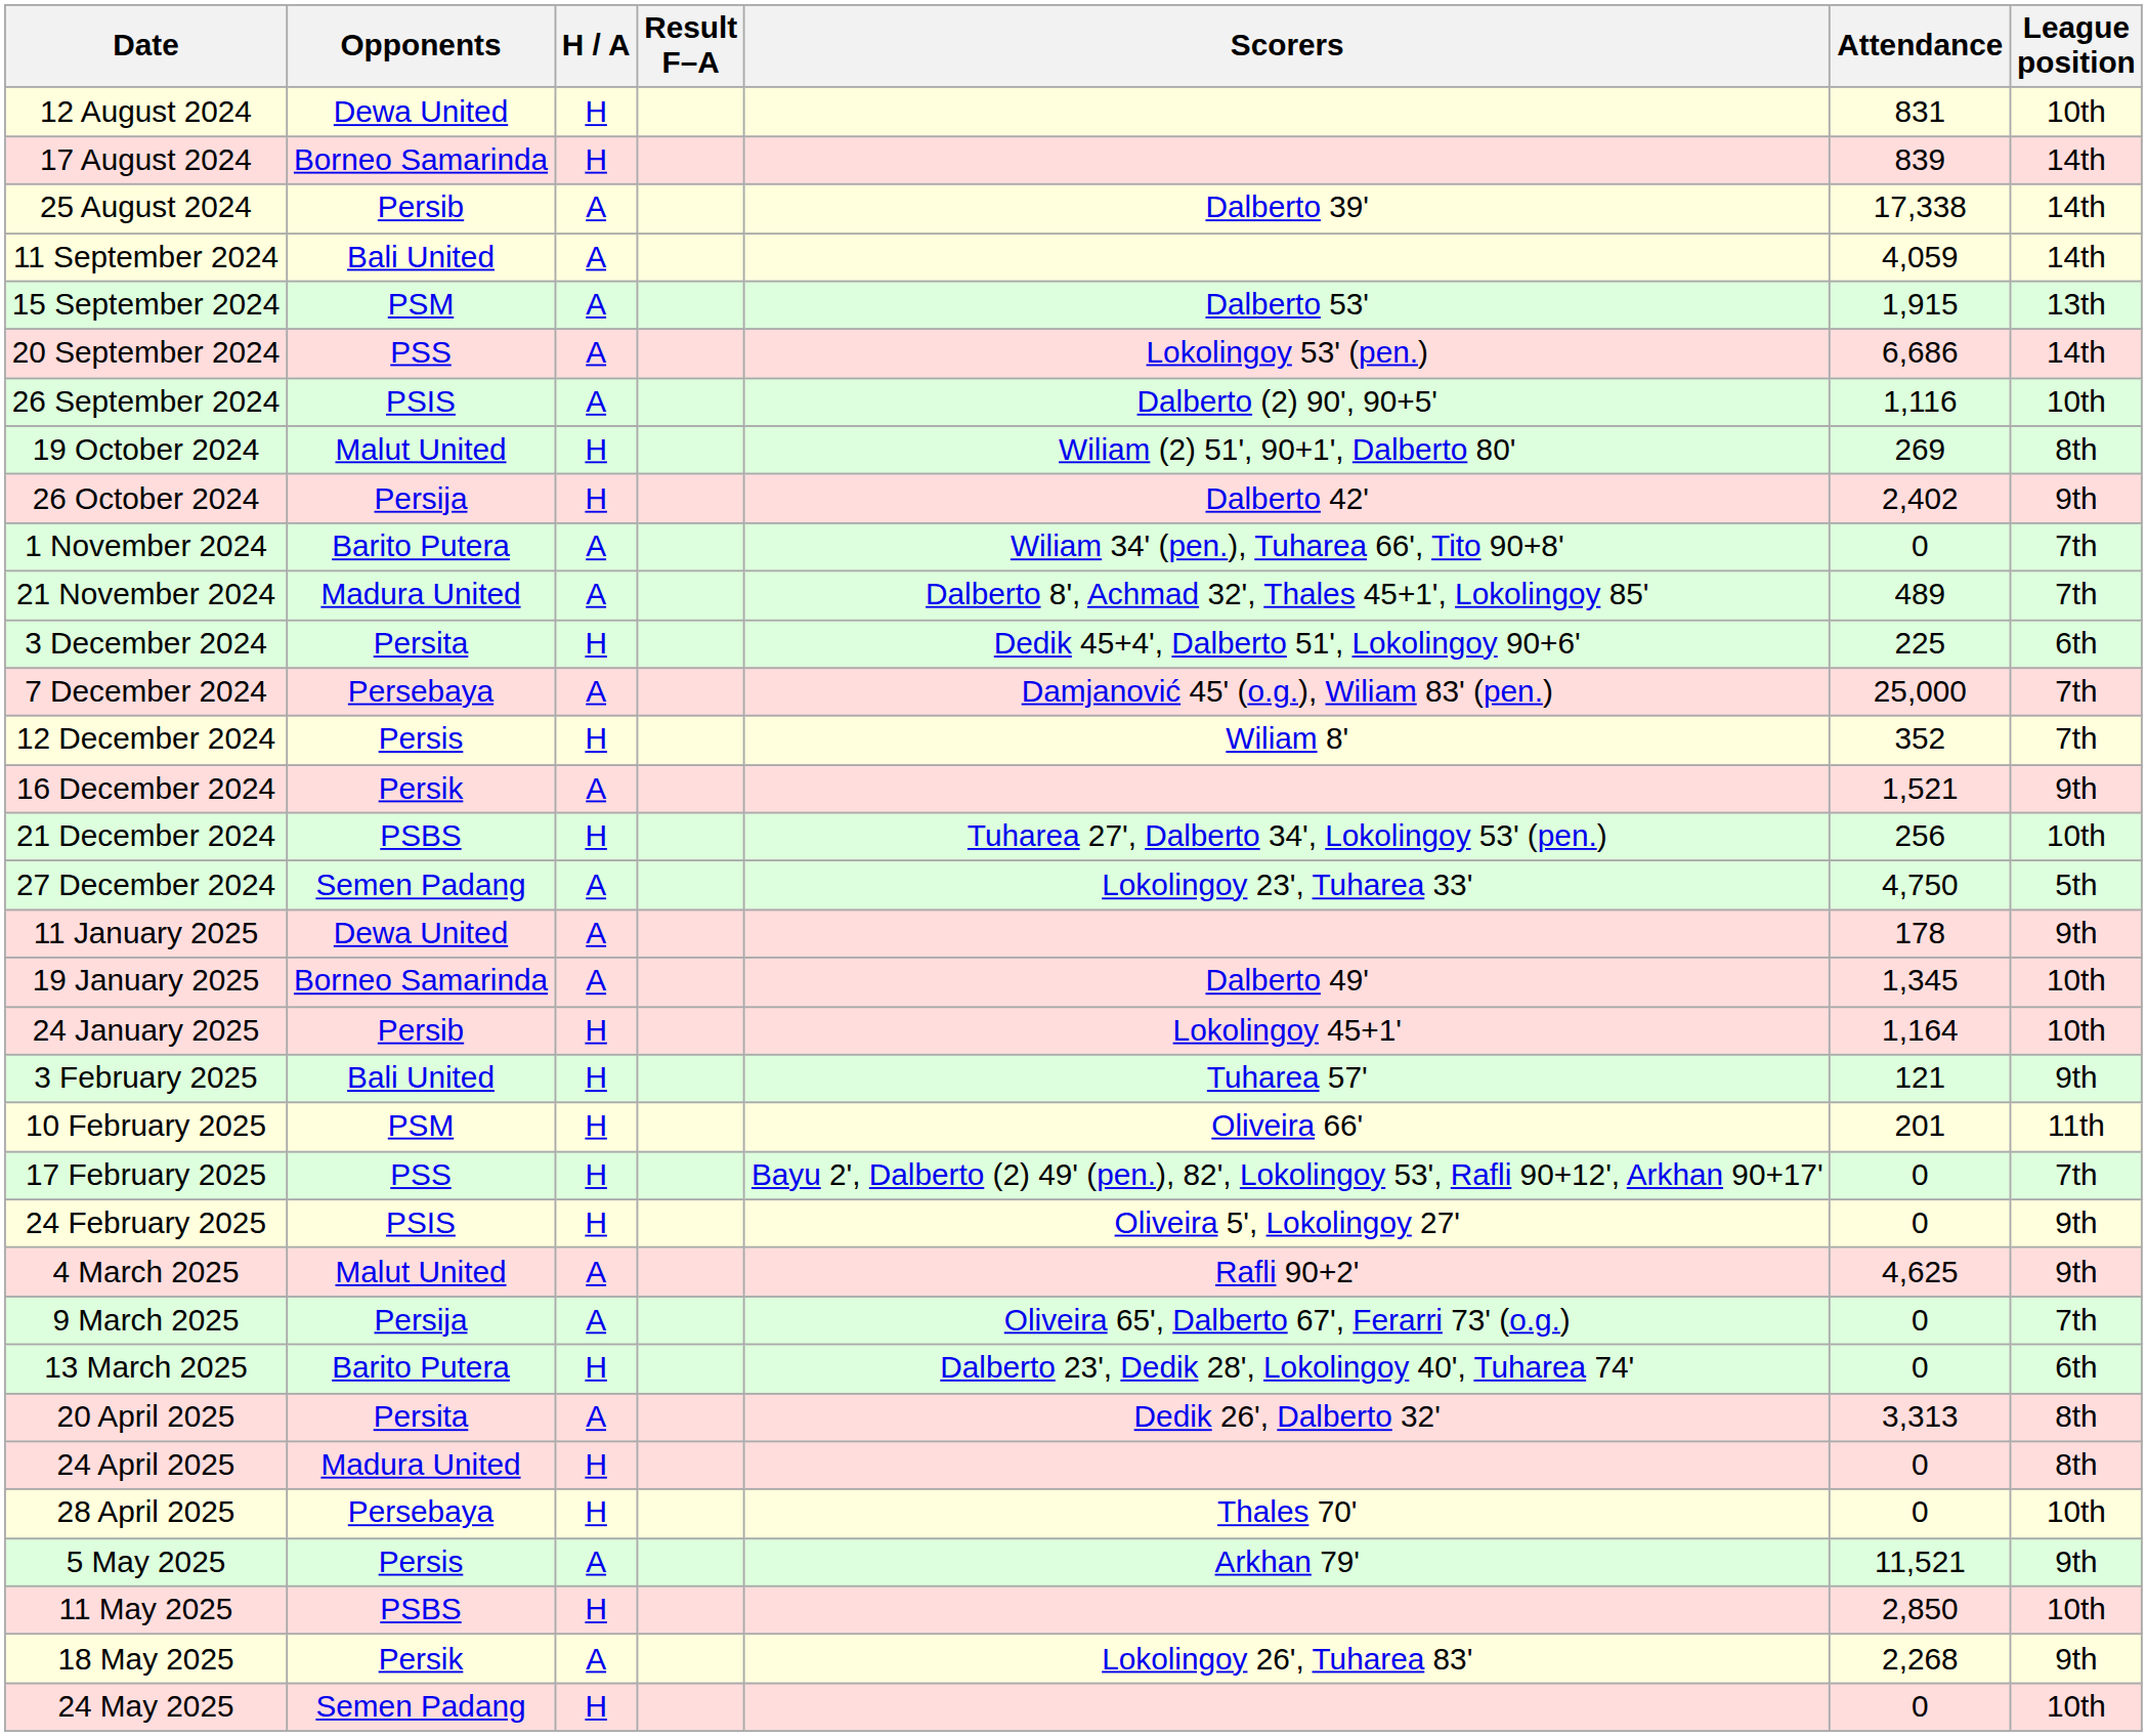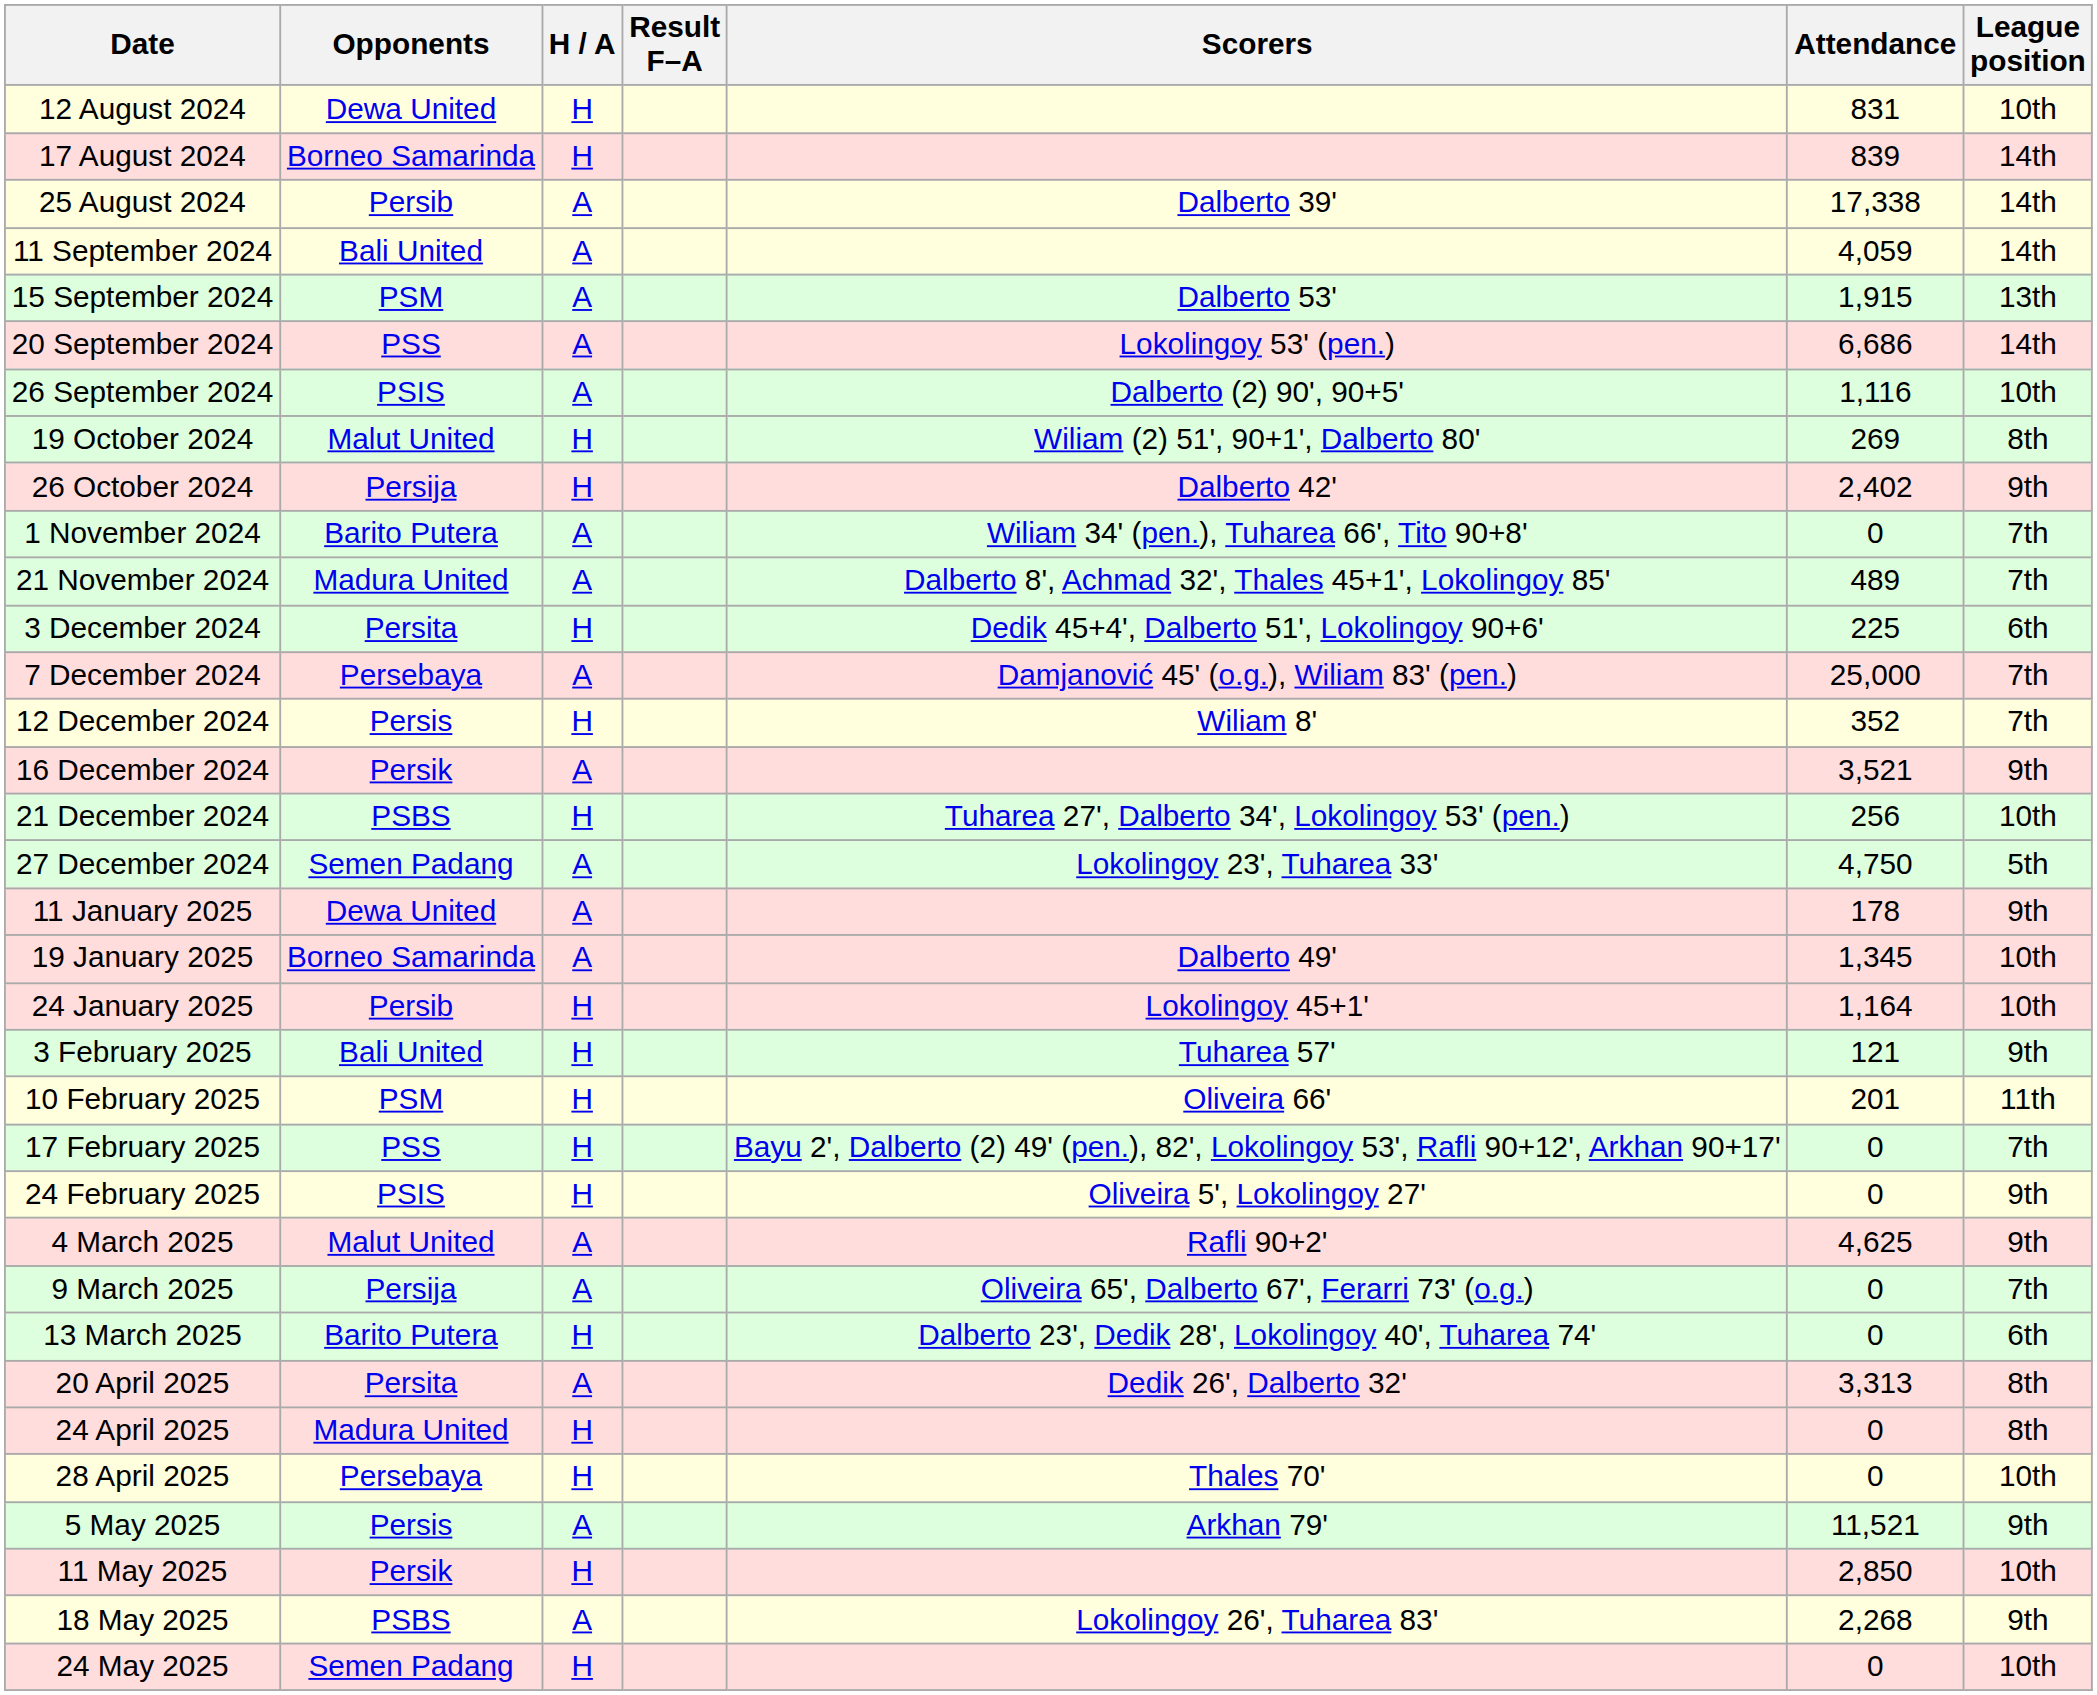 <table class="wikitable" style="text-align:center">
 <tr>
 <th>Date</th>
 <th>Opponents</th>
 <th>H / A</th>
 <th>Result<br>F–A</th>
 <th>Scorers</th>
 <th>Attendance</th>
 <th>League<br>position</th>
 </tr>
 <tr style="background:#ffffdd">
 <td>12 August 2024</td>
 <td><a href='#'>Dewa United</a></td>
 <td><a href='#'>H</a></td>
 <td></td>
 <td></td>
 <td>831</td>
 <td>10th</td>
 </tr>
 <tr style="background:#ffdddd">
 <td>17 August 2024</td>
 <td><a href='#'>Borneo Samarinda</a></td>
 <td><a href='#'>H</a></td>
 <td></td>
 <td></td>
 <td>839</td>
 <td>14th</td>
 </tr>
 <tr style="background:#ffffdd">
 <td>25 August 2024</td>
 <td><a href='#'>Persib</a></td>
 <td><a href='#'>A</a></td>
 <td></td>
 <td><a href='#'>Dalberto</a> 39'</td>
 <td>17,338</td>
 <td>14th</td>
 </tr>
 <tr style="background:#ffffdd">
 <td>11 September 2024</td>
 <td><a href='#'>Bali United</a></td>
 <td><a href='#'>A</a></td>
 <td></td>
 <td></td>
 <td>4,059</td>
 <td>14th</td>
 </tr>
 <tr style="background:#ddffdd">
 <td>15 September 2024</td>
 <td><a href='#'>PSM</a></td>
 <td><a href='#'>A</a></td>
 <td></td>
 <td><a href='#'>Dalberto</a> 53'</td>
 <td>1,915</td>
 <td>13th</td>
 </tr>
 <tr style="background:#ffdddd">
 <td>20 September 2024</td>
 <td><a href='#'>PSS</a></td>
 <td><a href='#'>A</a></td>
 <td></td>
 <td><a href='#'>Lokolingoy</a> 53' (<a href='#'>pen.</a>)</td>
 <td>6,686</td>
 <td>14th</td>
 </tr>
 <tr style="background:#ddffdd">
 <td>26 September 2024</td>
 <td><a href='#'>PSIS</a></td>
 <td><a href='#'>A</a></td>
 <td></td>
 <td><a href='#'>Dalberto</a> (2) 90', 90+5'</td>
 <td>1,116</td>
 <td>10th</td>
 </tr>
 <tr style="background:#ddffdd">
 <td>19 October 2024</td>
 <td><a href='#'>Malut United</a></td>
 <td><a href='#'>H</a></td>
 <td></td>
 <td><a href='#'>Wiliam</a> (2) 51', 90+1', <a href='#'>Dalberto</a> 80'</td>
 <td>269</td>
 <td>8th</td>
 </tr>
 <tr style="background:#ffdddd">
 <td>26 October 2024</td>
 <td><a href='#'>Persija</a></td>
 <td><a href='#'>H</a></td>
 <td></td>
 <td><a href='#'>Dalberto</a> 42'</td>
 <td>2,402</td>
 <td>9th</td>
 </tr>
 <tr style="background:#ddffdd">
 <td>1 November 2024</td>
 <td><a href='#'>Barito Putera</a></td>
 <td><a href='#'>A</a></td>
 <td></td>
 <td><a href='#'>Wiliam</a> 34' (<a href='#'>pen.</a>), <a href='#'>Tuharea</a> 66', <a href='#'>Tito</a> 90+8'</td>
 <td>0</td>
 <td>7th</td>
 </tr>
 <tr style="background:#ddffdd">
 <td>21 November 2024</td>
 <td><a href='#'>Madura United</a></td>
 <td><a href='#'>A</a></td>
 <td></td>
 <td><a href='#'>Dalberto</a> 8', <a href='#'>Achmad</a> 32', <a href='#'>Thales</a> 45+1', <a href='#'>Lokolingoy</a> 85'</td>
 <td>489</td>
 <td>7th</td>
 </tr>
 <tr style="background:#ddffdd">
 <td>3 December 2024</td>
 <td><a href='#'>Persita</a></td>
 <td><a href='#'>H</a></td>
 <td></td>
 <td><a href='#'>Dedik</a> 45+4', <a href='#'>Dalberto</a> 51', <a href='#'>Lokolingoy</a> 90+6'</td>
 <td>225</td>
 <td>6th</td>
 </tr>
 <tr style="background:#ffdddd">
 <td>7 December 2024</td>
 <td><a href='#'>Persebaya</a></td>
 <td><a href='#'>A</a></td>
 <td></td>
 <td><a href='#'>Damjanović</a> 45' (<a href='#'>o.g.</a>), <a href='#'>Wiliam</a> 83' (<a href='#'>pen.</a>)</td>
 <td>25,000</td>
 <td>7th</td>
 </tr>
 <tr style="background:#ffffdd">
 <td>12 December 2024</td>
 <td><a href='#'>Persis</a></td>
 <td><a href='#'>H</a></td>
 <td></td>
 <td><a href='#'>Wiliam</a> 8'</td>
 <td>352</td>
 <td>7th</td>
 </tr>
 <tr style="background:#ffdddd">
 <td>16 December 2024</td>
 <td><a href='#'>Persik</a></td>
 <td><a href='#'>A</a></td>
 <td></td>
 <td></td>
-<td>1,521</td>
+<td>3,521</td>
 <td>9th</td>
 </tr>
 <tr style="background:#ddffdd">
 <td>21 December 2024</td>
 <td><a href='#'>PSBS</a></td>
 <td><a href='#'>H</a></td>
 <td></td>
 <td><a href='#'>Tuharea</a> 27', <a href='#'>Dalberto</a> 34', <a href='#'>Lokolingoy</a> 53' (<a href='#'>pen.</a>)</td>
 <td>256</td>
 <td>10th</td>
 </tr>
 <tr style="background:#ddffdd">
 <td>27 December 2024</td>
 <td><a href='#'>Semen Padang</a></td>
 <td><a href='#'>A</a></td>
 <td></td>
 <td><a href='#'>Lokolingoy</a> 23', <a href='#'>Tuharea</a> 33'</td>
 <td>4,750</td>
 <td>5th</td>
 </tr>
 <tr style="background:#ffdddd">
 <td>11 January 2025</td>
 <td><a href='#'>Dewa United</a></td>
 <td><a href='#'>A</a></td>
 <td></td>
 <td></td>
 <td>178</td>
 <td>9th</td>
 </tr>
 <tr style="background:#ffdddd">
 <td>19 January 2025</td>
 <td><a href='#'>Borneo Samarinda</a></td>
 <td><a href='#'>A</a></td>
 <td></td>
 <td><a href='#'>Dalberto</a> 49'</td>
 <td>1,345</td>
 <td>10th</td>
 </tr>
 <tr style="background:#ffdddd">
 <td>24 January 2025</td>
 <td><a href='#'>Persib</a></td>
 <td><a href='#'>H</a></td>
 <td></td>
 <td><a href='#'>Lokolingoy</a> 45+1'</td>
 <td>1,164</td>
 <td>10th</td>
 </tr>
 <tr style="background:#ddffdd">
 <td>3 February 2025</td>
 <td><a href='#'>Bali United</a></td>
 <td><a href='#'>H</a></td>
 <td></td>
 <td><a href='#'>Tuharea</a> 57'</td>
 <td>121</td>
 <td>9th</td>
 </tr>
 <tr style="background:#ffffdd">
 <td>10 February 2025</td>
 <td><a href='#'>PSM</a></td>
 <td><a href='#'>H</a></td>
 <td></td>
 <td><a href='#'>Oliveira</a> 66'</td>
 <td>201</td>
 <td>11th</td>
 </tr>
 <tr style="background:#ddffdd">
 <td>17 February 2025</td>
 <td><a href='#'>PSS</a></td>
 <td><a href='#'>H</a></td>
 <td></td>
 <td><a href='#'>Bayu</a> 2', <a href='#'>Dalberto</a> (2) 49' (<a href='#'>pen.</a>), 82', <a href='#'>Lokolingoy</a> 53', <a href='#'>Rafli</a> 90+12', <a href='#'>Arkhan</a> 90+17'</td>
 <td>0</td>
 <td>7th</td>
 </tr>
 <tr style="background:#ffffdd">
 <td>24 February 2025</td>
 <td><a href='#'>PSIS</a></td>
 <td><a href='#'>H</a></td>
 <td></td>
 <td><a href='#'>Oliveira</a> 5', <a href='#'>Lokolingoy</a> 27'</td>
 <td>0</td>
 <td>9th</td>
 </tr>
 <tr style="background:#ffdddd">
 <td>4 March 2025</td>
 <td><a href='#'>Malut United</a></td>
 <td><a href='#'>A</a></td>
 <td></td>
 <td><a href='#'>Rafli</a> 90+2'</td>
 <td>4,625</td>
 <td>9th</td>
 </tr>
 <tr style="background:#ddffdd">
 <td>9 March 2025</td>
 <td><a href='#'>Persija</a></td>
 <td><a href='#'>A</a></td>
 <td></td>
 <td><a href='#'>Oliveira</a> 65', <a href='#'>Dalberto</a> 67', <a href='#'>Ferarri</a> 73' (<a href='#'>o.g.</a>)</td>
 <td>0</td>
 <td>7th</td>
 </tr>
 <tr style="background:#ddffdd">
 <td>13 March 2025</td>
 <td><a href='#'>Barito Putera</a></td>
 <td><a href='#'>H</a></td>
 <td></td>
 <td><a href='#'>Dalberto</a> 23', <a href='#'>Dedik</a> 28', <a href='#'>Lokolingoy</a> 40', <a href='#'>Tuharea</a> 74'</td>
 <td>0</td>
 <td>6th</td>
 </tr>
 <tr style="background:#ffdddd">
 <td>20 April 2025</td>
 <td><a href='#'>Persita</a></td>
 <td><a href='#'>A</a></td>
 <td></td>
 <td><a href='#'>Dedik</a> 26', <a href='#'>Dalberto</a> 32'</td>
 <td>3,313</td>
 <td>8th</td>
 </tr>
 <tr style="background:#ffdddd">
 <td>24 April 2025</td>
 <td><a href='#'>Madura United</a></td>
 <td><a href='#'>H</a></td>
 <td></td>
 <td></td>
 <td>0</td>
 <td>8th</td>
 </tr>
 <tr style="background:#ffffdd">
 <td>28 April 2025</td>
 <td><a href='#'>Persebaya</a></td>
 <td><a href='#'>H</a></td>
 <td></td>
 <td><a href='#'>Thales</a> 70'</td>
 <td>0</td>
 <td>10th</td>
 </tr>
 <tr style="background:#ddffdd">
 <td>5 May 2025</td>
 <td><a href='#'>Persis</a></td>
 <td><a href='#'>A</a></td>
 <td></td>
 <td><a href='#'>Arkhan</a> 79'</td>
 <td>11,521</td>
 <td>9th</td>
 </tr>
 <tr style="background:#ffdddd">
 <td>11 May 2025</td>
-<td><a href='#'>PSBS</a></td>
+<td><a href='#'>Persik</a></td>
 <td><a href='#'>H</a></td>
 <td></td>
 <td></td>
 <td>2,850</td>
 <td>10th</td>
 </tr>
 <tr style="background:#ffffdd">
 <td>18 May 2025</td>
-<td><a href='#'>Persik</a></td>
+<td><a href='#'>PSBS</a></td>
 <td><a href='#'>A</a></td>
 <td></td>
 <td><a href='#'>Lokolingoy</a> 26', <a href='#'>Tuharea</a> 83'</td>
 <td>2,268</td>
 <td>9th</td>
 </tr>
 <tr style="background:#ffdddd">
 <td>24 May 2025</td>
 <td><a href='#'>Semen Padang</a></td>
 <td><a href='#'>H</a></td>
 <td></td>
 <td></td>
 <td>0</td>
 <td>10th</td>
 </tr>
 </table>
